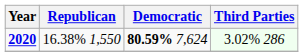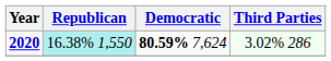 <table class="wikitable" style="float:right; font-size:95%;">
 <tr bgcolor=lightgrey>
 <th>Year</th>
 <th><a href='#'>Republican</a></th>
 <th><a href='#'>Democratic</a></th>
 <th><a href='#'>Third Parties</a></th>
 </tr>
 <tr>
 <td style="text-align:center; "><strong><a href='#'>2020</a></strong></td>
-<td style="text-align:center; ">16.38% <em>1,550</em></td>
+<td style="background: paleturquoise; text-align:center; ">16.38% <em>1,550</em></td>
 <td style="text-align:center; "><strong>80.59%</strong> <em>7,624</em></td>
 <td style="text-align:center; background:honeyDew;">3.02% <em>286</em></td>
 </tr>
 <tr>
 </tr>
 </table>
